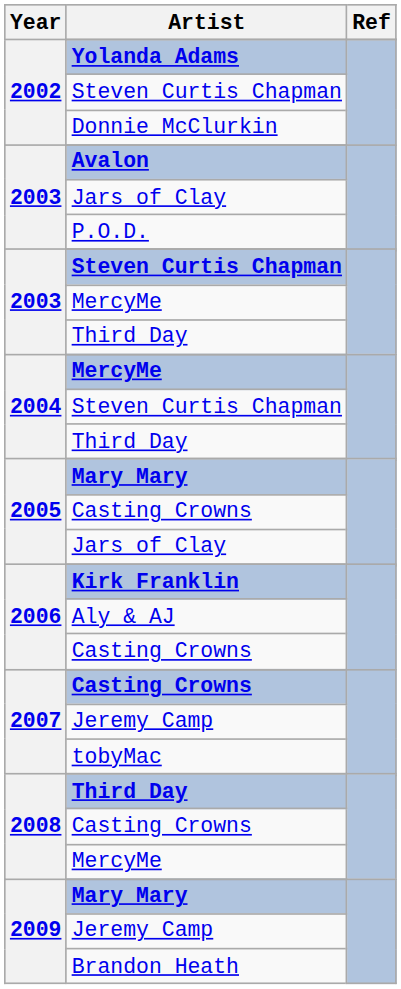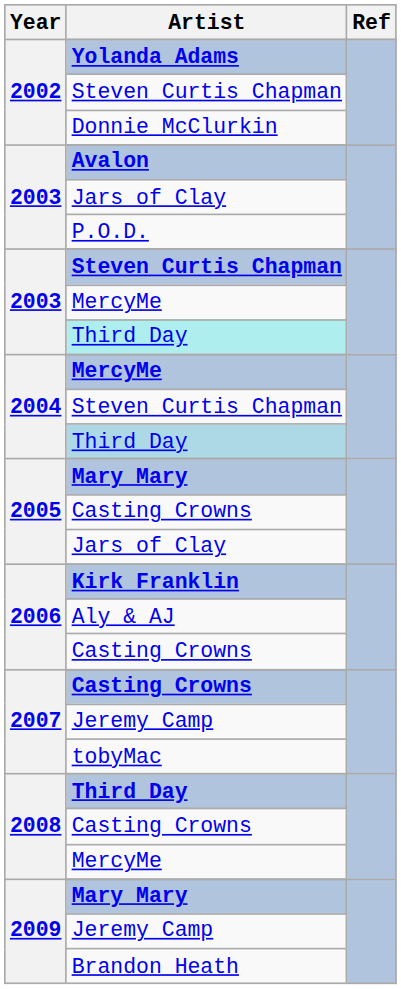 <table class="wikitable">
 <tr>
 <th>Year</th>
 <th>Artist</th>
 <th>Ref</th>
 </tr>
 <tr>
 <th rowspan="4" align="center"><a href='#'>2002<br></a></th>
 </tr>
 <tr style="background:#B0C4DE">
 <td><strong><a href='#'>Yolanda Adams</a></strong></td>
 <td rowspan="4" align="center"></td>
 </tr>
 <tr>
 <td><a href='#'>Steven Curtis Chapman</a></td>
 </tr>
 <tr>
 <td><a href='#'>Donnie McClurkin</a></td>
 </tr>
 <tr>
 <th rowspan="4" align="center"><a href='#'>2003<br></a></th>
 </tr>
 <tr style="background:#B0C4DE">
 <td><strong><a href='#'>Avalon</a></strong></td>
 <td rowspan="4" align="center"></td>
 </tr>
 <tr>
 <td><a href='#'>Jars of Clay</a></td>
 </tr>
 <tr>
 <td><a href='#'>P.O.D.</a></td>
 </tr>
 <tr>
 <th rowspan="4" align="center"><a href='#'>2003<br></a></th>
 </tr>
 <tr style="background:#B0C4DE">
 <td><strong><a href='#'>Steven Curtis Chapman</a></strong></td>
 <td rowspan="4" align="center"></td>
 </tr>
 <tr>
 <td><a href='#'>MercyMe</a></td>
 </tr>
 <tr>
-<td><a href='#'>Third Day</a></td>
+<td style="background: paleturquoise;"><a href='#'>Third Day</a></td>
 </tr>
 <tr>
 <th rowspan="4" align="center"><a href='#'>2004<br></a></th>
 </tr>
 <tr style="background:#B0C4DE">
 <td><strong><a href='#'>MercyMe</a></strong></td>
 <td rowspan="4" align="center"></td>
 </tr>
 <tr>
 <td><a href='#'>Steven Curtis Chapman</a></td>
 </tr>
 <tr>
-<td><a href='#'>Third Day</a></td>
+<td style="background: lightblue;"><a href='#'>Third Day</a></td>
 </tr>
 <tr>
 <th rowspan="4" align="center"><a href='#'>2005<br></a></th>
 </tr>
 <tr style="background:#B0C4DE">
 <td><strong><a href='#'>Mary Mary</a></strong></td>
 <td rowspan="4" align="center"></td>
 </tr>
 <tr>
 <td><a href='#'>Casting Crowns</a></td>
 </tr>
 <tr>
 <td><a href='#'>Jars of Clay</a></td>
 </tr>
 <tr>
 <th rowspan="4" align="center"><a href='#'>2006<br></a></th>
 </tr>
 <tr style="background:#B0C4DE">
 <td><strong><a href='#'>Kirk Franklin</a></strong></td>
 <td rowspan="4" align="center"></td>
 </tr>
 <tr>
 <td><a href='#'>Aly & AJ</a></td>
 </tr>
 <tr>
 <td><a href='#'>Casting Crowns</a></td>
 </tr>
 <tr>
 <th rowspan="4" align="center"><a href='#'>2007<br></a></th>
 </tr>
 <tr style="background:#B0C4DE">
 <td><strong><a href='#'>Casting Crowns</a></strong></td>
 <td rowspan="4" align="center"></td>
 </tr>
 <tr>
 <td><a href='#'>Jeremy Camp</a></td>
 </tr>
 <tr>
 <td><a href='#'>tobyMac</a></td>
 </tr>
 <tr>
 <th rowspan="4" align="center"><a href='#'>2008<br></a></th>
 </tr>
 <tr style="background:#B0C4DE">
 <td><strong><a href='#'>Third Day</a></strong></td>
 <td rowspan="4" align="center"></td>
 </tr>
 <tr>
 <td><a href='#'>Casting Crowns</a></td>
 </tr>
 <tr>
 <td><a href='#'>MercyMe</a></td>
 </tr>
 <tr>
 <th rowspan="4" align="center"><a href='#'>2009<br></a></th>
 </tr>
 <tr style="background:#B0C4DE">
 <td><strong><a href='#'>Mary Mary</a></strong></td>
 <td rowspan="4" align="center"></td>
 </tr>
 <tr>
 <td><a href='#'>Jeremy Camp</a></td>
 </tr>
 <tr>
 <td><a href='#'>Brandon Heath</a></td>
 </tr>
 </table>
